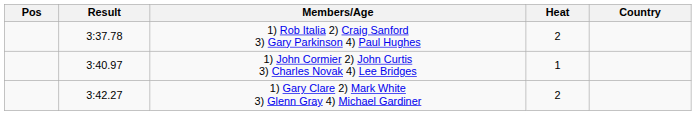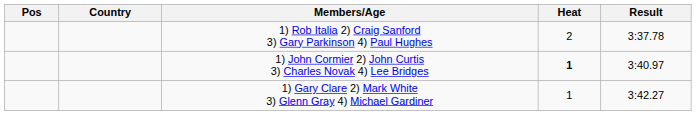 <table class="wikitable"  style="text-align:center; width:80%;">
 <tr>
 <th>Pos</th>
-<th>Result</th>
+<th>Country</th>
 <th>Members/Age</th>
 <th>Heat</th>
-<th>Country</th>
+<th>Result</th>
 </tr>
 <tr>
 <td align=center></td>
-<td>3:37.78</td>
+<td align=left></td>
 <td>1) <a href='#'>Rob Italia</a> 2) <a href='#'>Craig Sanford</a><br>3) <a href='#'>Gary Parkinson</a> 4) <a href='#'>Paul Hughes</a></td>
 <td>2</td>
-<td align=left></td>
+<td>3:37.78</td>
 </tr>
 <tr>
 <td align=center></td>
+<td align=left></td>
+<td>1) <a href='#'>John Cormier</a> 2) <a href='#'>John Curtis</a><br>3) <a href='#'>Charles Novak</a> 4) <a href='#'>Lee Bridges</a></td>
+<td><strong>1</strong></td>
 <td>3:40.97</td>
-<td>1) <a href='#'>John Cormier</a> 2) <a href='#'>John Curtis</a><br>3) <a href='#'>Charles Novak</a> 4) <a href='#'>Lee Bridges</a></td>
-<td>1</td>
-<td align=left></td>
 </tr>
 <tr>
 <td align=center></td>
+<td align=left></td>
+<td>1) <a href='#'>Gary Clare</a> 2) <a href='#'>Mark White</a><br>3) <a href='#'>Glenn Gray</a> 4) <a href='#'>Michael Gardiner</a></td>
+<td>1</td>
 <td>3:42.27</td>
-<td>1) <a href='#'>Gary Clare</a> 2) <a href='#'>Mark White</a><br>3) <a href='#'>Glenn Gray</a> 4) <a href='#'>Michael Gardiner</a></td>
-<td>2</td>
-<td align=left></td>
 </tr>
 </table>
